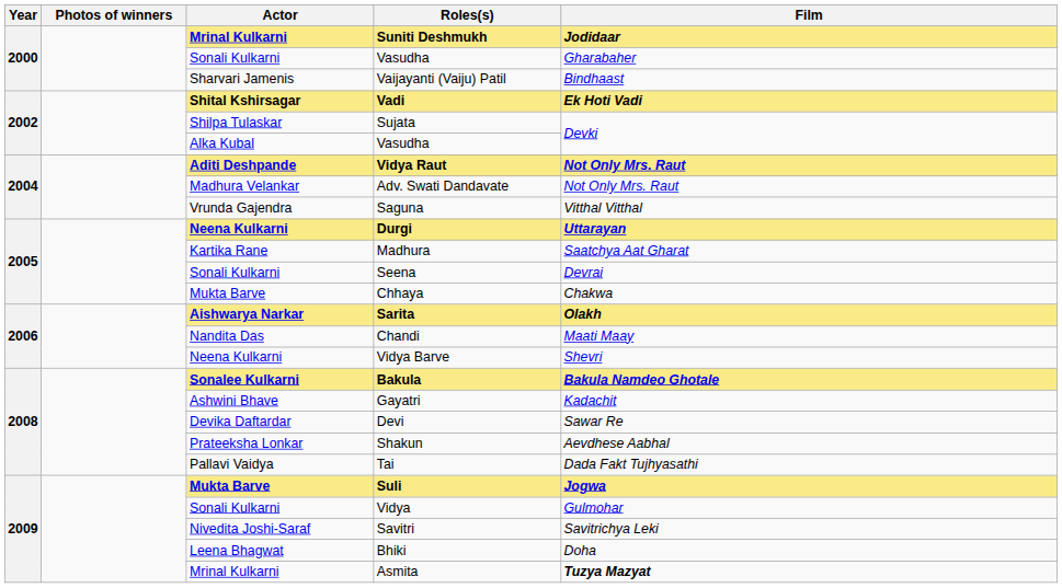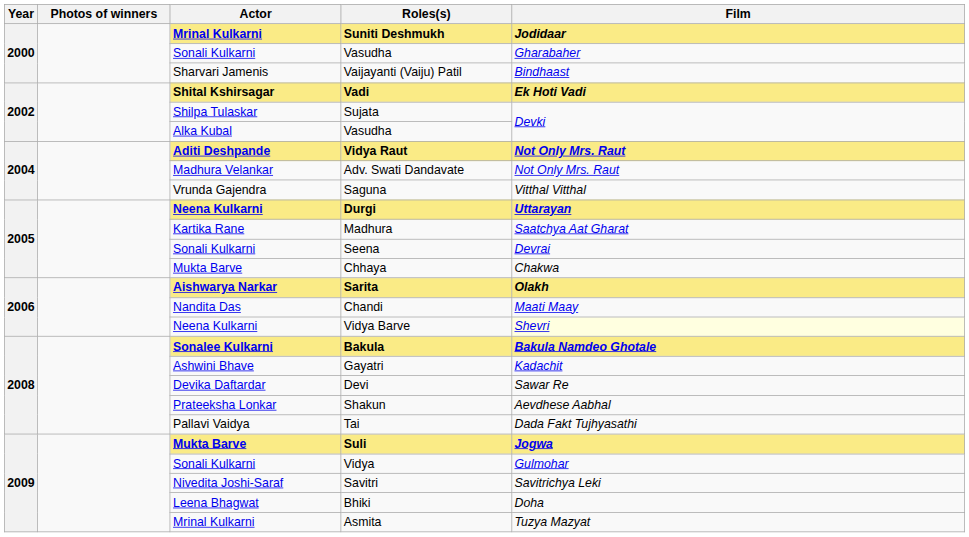 <table class="wikitable" style="width:">
 <tr bgcolor="#bebebe">
 <th width="2%">Year</th>
 <th width="14%">Photos of winners</th>
 <th width="18%">Actor</th>
 <th width="18%">Roles(s)</th>
 <th width="48%">Film</th>
 </tr>
 <tr>
 <th rowspan="3" style="text-align:center">2000</th>
 <td rowspan="3"></td>
 <td rowspan="1" style="background:#FAEB86;"><strong><a href='#'>Mrinal Kulkarni</a></strong></td>
 <td style="background:#FAEB86;"><strong>Suniti Deshmukh</strong></td>
 <td style="background:#FAEB86;"><strong><em>Jodidaar</em></strong></td>
 </tr>
 <tr>
 <td><a href='#'>Sonali Kulkarni</a></td>
 <td>Vasudha</td>
 <td><em><a href='#'>Gharabaher</a></em></td>
 </tr>
 <tr>
 <td>Sharvari Jamenis</td>
 <td>Vaijayanti (Vaiju) Patil</td>
 <td><em><a href='#'>Bindhaast</a></em></td>
 </tr>
 <tr>
 <th rowspan="3" style="text-align:center">2002</th>
 <td rowspan="3"></td>
 <td style="background:#FAEB86;"><strong>Shital Kshirsagar</strong></td>
 <td style="background:#FAEB86;"><strong>Vadi</strong></td>
 <td style="background:#FAEB86;"><strong><em>Ek Hoti Vadi</em></strong></td>
 </tr>
 <tr>
 <td><a href='#'>Shilpa Tulaskar</a></td>
 <td>Sujata</td>
 <td rowspan="2"><em><a href='#'>Devki</a></em></td>
 </tr>
 <tr>
 <td><a href='#'>Alka Kubal</a></td>
 <td>Vasudha</td>
 </tr>
 <tr>
 <th rowspan="3" style="text-align:center">2004</th>
 <td rowspan="3"></td>
 <td style="background:#FAEB86;"><strong><a href='#'>Aditi Deshpande</a></strong></td>
 <td style="background:#FAEB86;"><strong>Vidya Raut</strong></td>
 <td style="background:#FAEB86;"><strong><em><a href='#'>Not Only Mrs. Raut</a></em></strong></td>
 </tr>
 <tr>
 <td><a href='#'>Madhura Velankar</a></td>
 <td>Adv. Swati Dandavate</td>
 <td><em><a href='#'>Not Only Mrs. Raut</a></em></td>
 </tr>
 <tr>
 <td>Vrunda Gajendra</td>
 <td>Saguna</td>
 <td><em>Vitthal Vitthal</em></td>
 </tr>
 <tr>
 <th rowspan="4" style="text-align:center">2005</th>
 <td rowspan="4"></td>
 <td style="background:#FAEB86;"><strong><a href='#'>Neena Kulkarni</a></strong></td>
 <td style="background:#FAEB86;"><strong>Durgi</strong></td>
 <td style="background:#FAEB86;"><strong><em><a href='#'>Uttarayan</a></em></strong></td>
 </tr>
 <tr>
 <td><a href='#'>Kartika Rane</a></td>
 <td>Madhura</td>
 <td><em><a href='#'>Saatchya Aat Gharat</a></em></td>
 </tr>
 <tr>
 <td><a href='#'>Sonali Kulkarni</a></td>
 <td>Seena</td>
 <td><em><a href='#'>Devrai</a></em></td>
 </tr>
 <tr>
 <td><a href='#'>Mukta Barve</a></td>
 <td>Chhaya</td>
 <td><em>Chakwa</em></td>
 </tr>
 <tr>
 <th rowspan="3" style="text-align:center">2006</th>
 <td rowspan="3"></td>
 <td style="background:#FAEB86;"><strong><a href='#'>Aishwarya Narkar</a></strong></td>
 <td style="background:#FAEB86;"><strong>Sarita</strong></td>
 <td style="background:#FAEB86;"><strong><em>Olakh</em></strong></td>
 </tr>
 <tr>
 <td><a href='#'>Nandita Das</a></td>
 <td>Chandi</td>
 <td><em><a href='#'>Maati Maay</a></em></td>
 </tr>
 <tr>
 <td><a href='#'>Neena Kulkarni</a></td>
 <td>Vidya Barve</td>
-<td><em><a href='#'>Shevri</a></em></td>
+<td style="background: lightyellow;"><em><a href='#'>Shevri</a></em></td>
 </tr>
 <tr>
 <th rowspan="5" style="text-align:center"><strong>2008</strong></th>
 <td rowspan="5"></td>
 <td style="background:#FAEB86;"><strong><a href='#'>Sonalee Kulkarni</a></strong></td>
 <td style="background:#FAEB86;"><strong>Bakula</strong></td>
 <td style="background:#FAEB86;"><strong><em><a href='#'>Bakula Namdeo Ghotale</a></em></strong></td>
 </tr>
 <tr>
 <td><a href='#'>Ashwini Bhave</a></td>
 <td>Gayatri</td>
 <td><em><a href='#'>Kadachit</a></em></td>
 </tr>
 <tr>
 <td><a href='#'>Devika Daftardar</a></td>
 <td>Devi</td>
 <td><em>Sawar Re</em></td>
 </tr>
 <tr>
 <td><a href='#'>Prateeksha Lonkar</a></td>
 <td>Shakun</td>
 <td><em>Aevdhese Aabhal</em></td>
 </tr>
 <tr>
 <td>Pallavi Vaidya</td>
 <td>Tai</td>
 <td><em>Dada Fakt Tujhyasathi</em></td>
 </tr>
 <tr>
 <th rowspan="5" style="text-align:center"><strong>2009</strong></th>
 <td rowspan="5"></td>
 <td style="background:#FAEB86;"><strong><a href='#'>Mukta Barve</a></strong></td>
 <td style="background:#FAEB86;"><strong>Suli</strong></td>
 <td style="background:#FAEB86;"><strong><em><a href='#'>Jogwa</a></em></strong></td>
 </tr>
 <tr>
 <td><a href='#'>Sonali Kulkarni</a></td>
 <td>Vidya</td>
 <td><em><a href='#'>Gulmohar</a></em></td>
 </tr>
 <tr>
 <td><a href='#'>Nivedita Joshi-Saraf</a></td>
 <td>Savitri</td>
 <td><em>Savitrichya Leki</em></td>
 </tr>
 <tr>
 <td><a href='#'>Leena Bhagwat</a></td>
 <td>Bhiki</td>
 <td><em>Doha</em></td>
 </tr>
 <tr>
 <td><a href='#'>Mrinal Kulkarni</a></td>
 <td>Asmita</td>
-<td><strong><em>Tuzya Mazyat</em></strong></td>
+<td><em>Tuzya Mazyat</em></td>
 </tr>
 </table>
